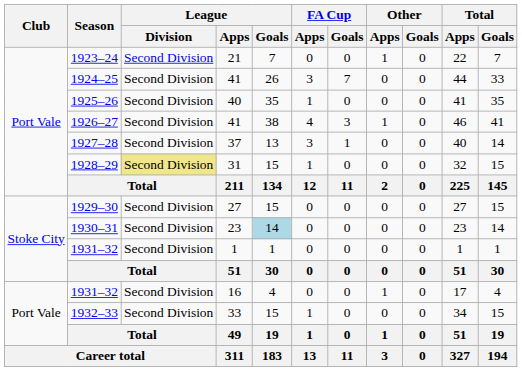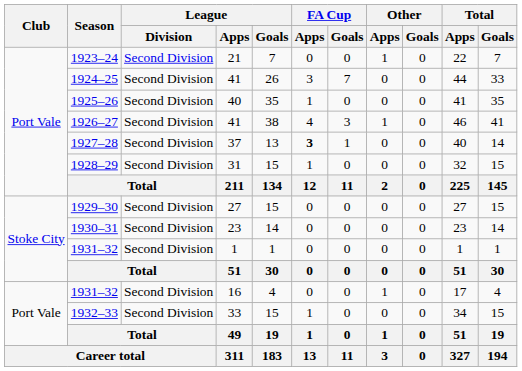 <table class="wikitable" style="text-align:center">
 <tr>
 <th rowspan="2">Club</th>
 <th rowspan="2">Season</th>
 <th colspan="3">League</th>
 <th colspan="2"><a href='#'>FA Cup</a></th>
 <th colspan="2">Other</th>
 <th colspan="2">Total</th>
 </tr>
 <tr>
 <th>Division</th>
 <th>Apps</th>
 <th>Goals</th>
 <th>Apps</th>
 <th>Goals</th>
 <th>Apps</th>
 <th>Goals</th>
 <th>Apps</th>
 <th>Goals</th>
 </tr>
 <tr>
 <td rowspan="7"><a href='#'>Port Vale</a></td>
 <td><a href='#'>1923–24</a></td>
 <td><a href='#'>Second Division</a></td>
 <td>21</td>
 <td>7</td>
 <td>0</td>
 <td>0</td>
 <td>1</td>
 <td>0</td>
 <td>22</td>
 <td>7</td>
 </tr>
 <tr>
 <td><a href='#'>1924–25</a></td>
 <td>Second Division</td>
 <td>41</td>
 <td>26</td>
 <td>3</td>
 <td>7</td>
 <td>0</td>
 <td>0</td>
 <td>44</td>
 <td>33</td>
 </tr>
 <tr>
 <td><a href='#'>1925–26</a></td>
 <td>Second Division</td>
 <td>40</td>
 <td>35</td>
 <td>1</td>
 <td>0</td>
 <td>0</td>
 <td>0</td>
 <td>41</td>
 <td>35</td>
 </tr>
 <tr>
 <td><a href='#'>1926–27</a></td>
 <td>Second Division</td>
 <td>41</td>
 <td>38</td>
 <td>4</td>
 <td>3</td>
 <td>1</td>
 <td>0</td>
 <td>46</td>
 <td>41</td>
 </tr>
 <tr>
 <td><a href='#'>1927–28</a></td>
 <td>Second Division</td>
 <td>37</td>
 <td>13</td>
-<td>3</td>
+<td><strong>3</strong></td>
 <td>1</td>
 <td>0</td>
 <td>0</td>
 <td>40</td>
 <td>14</td>
 </tr>
 <tr>
 <td><a href='#'>1928–29</a></td>
-<td style="background: khaki;">Second Division</td>
+<td>Second Division</td>
 <td>31</td>
 <td>15</td>
 <td>1</td>
 <td>0</td>
 <td>0</td>
 <td>0</td>
 <td>32</td>
 <td>15</td>
 </tr>
 <tr>
 <th colspan="2">Total</th>
 <th>211</th>
 <th>134</th>
 <th>12</th>
 <th>11</th>
 <th>2</th>
 <th>0</th>
 <th>225</th>
 <th>145</th>
 </tr>
 <tr>
 <td rowspan="4"><a href='#'>Stoke City</a></td>
 <td><a href='#'>1929–30</a></td>
 <td>Second Division</td>
 <td>27</td>
 <td>15</td>
 <td>0</td>
 <td>0</td>
 <td>0</td>
 <td>0</td>
 <td>27</td>
 <td>15</td>
 </tr>
 <tr>
 <td><a href='#'>1930–31</a></td>
 <td>Second Division</td>
 <td>23</td>
-<td style="background: lightblue;">14</td>
+<td>14</td>
 <td>0</td>
 <td>0</td>
 <td>0</td>
 <td>0</td>
 <td>23</td>
 <td>14</td>
 </tr>
 <tr>
 <td><a href='#'>1931–32</a></td>
 <td>Second Division</td>
 <td>1</td>
 <td>1</td>
 <td>0</td>
 <td>0</td>
 <td>0</td>
 <td>0</td>
 <td>1</td>
 <td>1</td>
 </tr>
 <tr>
 <th colspan="2">Total</th>
 <th>51</th>
 <th>30</th>
 <th>0</th>
 <th>0</th>
 <th>0</th>
 <th>0</th>
 <th>51</th>
 <th>30</th>
 </tr>
 <tr>
 <td rowspan="3">Port Vale</td>
 <td><a href='#'>1931–32</a></td>
 <td>Second Division</td>
 <td>16</td>
 <td>4</td>
 <td>0</td>
 <td>0</td>
 <td>1</td>
 <td>0</td>
 <td>17</td>
 <td>4</td>
 </tr>
 <tr>
 <td><a href='#'>1932–33</a></td>
 <td>Second Division</td>
 <td>33</td>
 <td>15</td>
 <td>1</td>
 <td>0</td>
 <td>0</td>
 <td>0</td>
 <td>34</td>
 <td>15</td>
 </tr>
 <tr>
 <th colspan="2">Total</th>
 <th>49</th>
 <th>19</th>
 <th>1</th>
 <th>0</th>
 <th>1</th>
 <th>0</th>
 <th>51</th>
 <th>19</th>
 </tr>
 <tr>
 <th colspan="3">Career total</th>
 <th>311</th>
 <th>183</th>
 <th>13</th>
 <th>11</th>
 <th>3</th>
 <th>0</th>
 <th>327</th>
 <th>194</th>
 </tr>
 </table>
